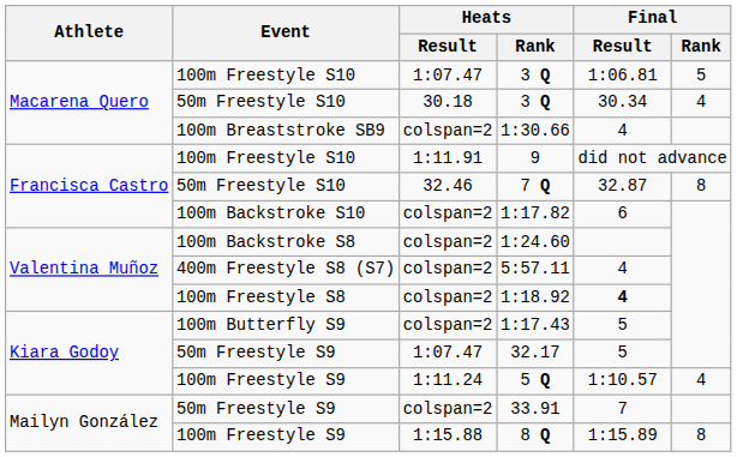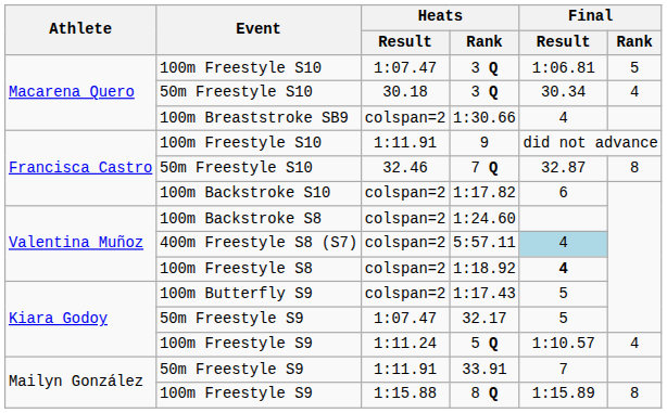 <table class=wikitable style="font-size:90%">
 <tr>
 <th rowspan="2">Athlete</th>
 <th rowspan="2">Event</th>
 <th colspan="2">Heats</th>
 <th colspan="2">Final</th>
 </tr>
 <tr>
 <th>Result</th>
 <th>Rank</th>
 <th>Result</th>
 <th>Rank</th>
 </tr>
 <tr align=center>
 <td align=left rowspan=3><a href='#'>Macarena Quero</a></td>
 <td align=left>100m Freestyle S10</td>
 <td>1:07.47</td>
 <td>3 <strong>Q</strong></td>
 <td>1:06.81</td>
 <td>5</td>
 </tr>
 <tr align=center>
 <td align=left>50m Freestyle S10</td>
 <td>30.18</td>
 <td>3 <strong>Q</strong></td>
 <td>30.34</td>
 <td>4</td>
 </tr>
 <tr align=center>
 <td align=left>100m Breaststroke SB9</td>
 <td>colspan=2 </td>
 <td>1:30.66</td>
 <td>4</td>
 </tr>
 <tr align=center>
 <td align=left rowspan=3><a href='#'>Francisca Castro</a></td>
 <td align=left>100m Freestyle S10</td>
 <td>1:11.91</td>
 <td>9</td>
 <td colspan="2">did not advance</td>
 </tr>
 <tr align=center>
 <td align=left>50m Freestyle S10</td>
 <td>32.46</td>
 <td>7 <strong>Q</strong></td>
 <td>32.87</td>
 <td>8</td>
 </tr>
 <tr align=center>
 <td align=left>100m Backstroke S10</td>
 <td>colspan=2 </td>
 <td>1:17.82</td>
 <td>6</td>
 </tr>
 <tr align=center>
 <td align=left rowspan=3><a href='#'>Valentina Muñoz</a></td>
 <td align=left>100m Backstroke S8</td>
 <td>colspan=2 </td>
 <td>1:24.60</td>
 <td></td>
 </tr>
 <tr align=center>
 <td align=left>400m Freestyle S8 (S7)</td>
 <td>colspan=2 </td>
 <td>5:57.11</td>
-<td>4</td>
+<td style="background: lightblue;">4</td>
 </tr>
 <tr align=center>
 <td align=left>100m Freestyle S8</td>
 <td>colspan=2 </td>
 <td>1:18.92</td>
 <td><strong>4</strong></td>
 </tr>
 <tr align=center>
 <td align=left rowspan=3><a href='#'>Kiara Godoy</a></td>
 <td align=left>100m Butterfly S9</td>
 <td>colspan=2 </td>
 <td>1:17.43</td>
 <td>5</td>
 </tr>
 <tr align=center>
 <td align=left>50m Freestyle S9</td>
 <td>1:07.47</td>
 <td>32.17</td>
 <td>5</td>
 </tr>
 <tr align=center>
 <td align=left>100m Freestyle S9</td>
 <td>1:11.24</td>
 <td>5 <strong>Q</strong></td>
 <td>1:10.57</td>
 <td>4</td>
 </tr>
 <tr align=center>
 <td align=left rowspan=2>Mailyn González</td>
 <td align=left>50m Freestyle S9</td>
-<td>colspan=2 </td>
+<td>1:11.91</td>
 <td>33.91</td>
 <td>7</td>
 </tr>
 <tr align=center>
 <td align=left>100m Freestyle S9</td>
 <td>1:15.88</td>
 <td>8 <strong>Q</strong></td>
 <td>1:15.89</td>
 <td>8</td>
 </tr>
 </table>
